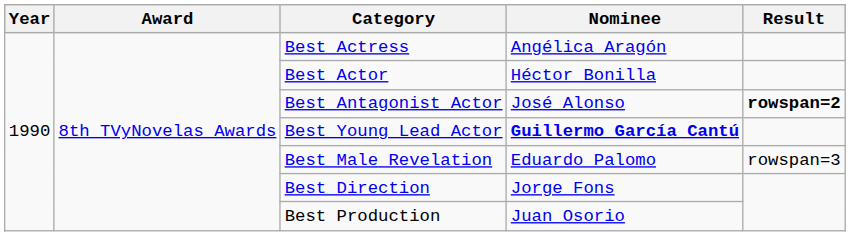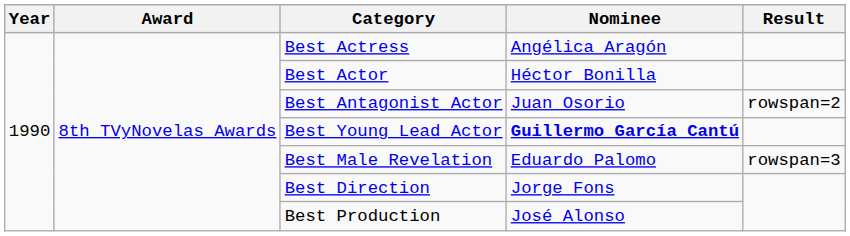 <table class="wikitable">
 <tr style="background:#b0c4de;">
 <th>Year</th>
 <th>Award</th>
 <th>Category</th>
 <th>Nominee</th>
 <th>Result</th>
 </tr>
 <tr>
 <td rowspan=7>1990</td>
 <td rowspan=7><a href='#'>8th TVyNovelas Awards</a></td>
 <td><a href='#'>Best Actress</a></td>
 <td><a href='#'>Angélica Aragón</a></td>
 <td></td>
 </tr>
 <tr>
 <td><a href='#'>Best Actor</a></td>
 <td><a href='#'>Héctor Bonilla</a></td>
 <td></td>
 </tr>
 <tr>
 <td><a href='#'>Best Antagonist Actor</a></td>
-<td><a href='#'>José Alonso</a></td>
-<td><strong>rowspan=2 </strong></td>
+<td><a href='#'>Juan Osorio</a></td>
+<td>rowspan=2 </td>
 </tr>
 <tr>
 <td><a href='#'>Best Young Lead Actor</a></td>
 <td><strong><a href='#'>Guillermo García Cantú</a></strong></td>
 </tr>
 <tr>
 <td><a href='#'>Best Male Revelation</a></td>
 <td><a href='#'>Eduardo Palomo</a></td>
 <td>rowspan=3 </td>
 </tr>
 <tr>
 <td><a href='#'>Best Direction</a></td>
 <td><a href='#'>Jorge Fons</a></td>
 </tr>
 <tr>
 <td>Best Production</td>
-<td><a href='#'>Juan Osorio</a></td>
+<td><a href='#'>José Alonso</a></td>
 </tr>
 </table>
